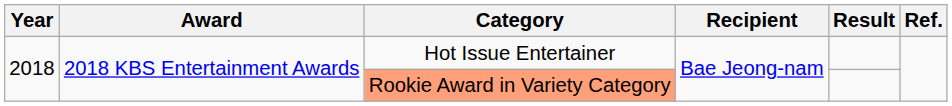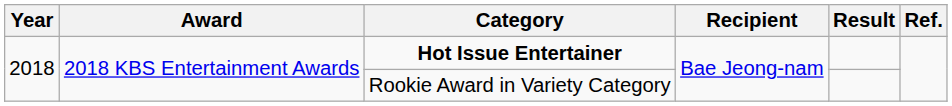 <table class="wikitable" style="text-align:center">
 <tr>
 <th>Year</th>
 <th>Award</th>
 <th>Category</th>
 <th>Recipient</th>
 <th>Result</th>
 <th>Ref.</th>
 </tr>
 <tr>
 <td rowspan="2">2018</td>
 <td rowspan="2"><a href='#'>2018 KBS Entertainment Awards</a></td>
-<td>Hot Issue Entertainer</td>
+<td><strong>Hot Issue Entertainer</strong></td>
 <td rowspan="2"><a href='#'>Bae Jeong-nam</a></td>
 <td></td>
 <td rowspan="2"></td>
 </tr>
 <tr>
-<td style="background: lightsalmon;">Rookie Award in Variety Category</td>
+<td>Rookie Award in Variety Category</td>
 <td></td>
 </tr>
 </table>
